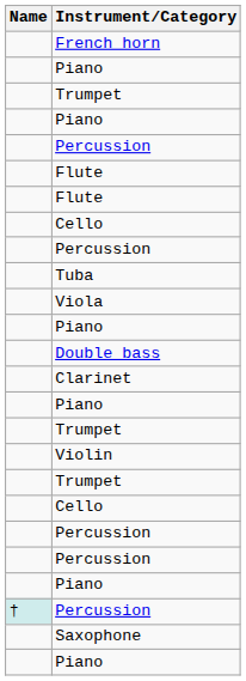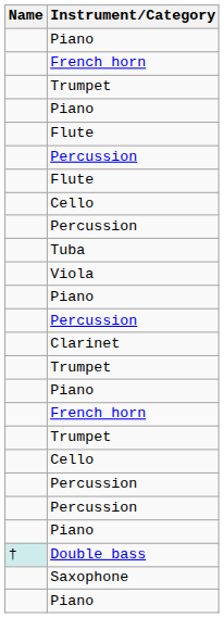 <table class="wikitable sortable" style="font-size: 95%">
 <tr>
 <th>Name</th>
 <th>Instrument/Category</th>
 </tr>
 <tr>
 <td></td>
-<td><a href='#'>French horn</a></td>
+<td>Piano</td>
 </tr>
 <tr>
 <td></td>
-<td>Piano</td>
+<td><a href='#'>French horn</a></td>
 </tr>
 <tr>
 <td><strong></strong></td>
 <td>Trumpet</td>
 </tr>
 <tr>
 <td></td>
 <td>Piano</td>
 </tr>
 <tr>
 <td><strong></strong></td>
-<td><a href='#'>Percussion</a></td>
+<td>Flute</td>
 </tr>
 <tr>
 <td></td>
-<td>Flute</td>
+<td><a href='#'>Percussion</a></td>
 </tr>
 <tr>
 <td></td>
 <td>Flute</td>
 </tr>
 <tr>
 <td></td>
 <td>Cello</td>
 </tr>
 <tr>
 <td></td>
 <td>Percussion</td>
 </tr>
 <tr>
 <td></td>
 <td>Tuba</td>
 </tr>
 <tr>
 <td></td>
 <td>Viola</td>
 </tr>
 <tr>
 <td><strong></strong></td>
 <td>Piano</td>
 </tr>
 <tr>
 <td></td>
-<td><a href='#'>Double bass</a></td>
+<td><a href='#'>Percussion</a></td>
 </tr>
 <tr>
 <td></td>
 <td>Clarinet</td>
 </tr>
 <tr>
 <td></td>
+<td>Trumpet</td>
+</tr>
+<tr>
+<td></td>
 <td>Piano</td>
 </tr>
 <tr>
 <td></td>
-<td>Trumpet</td>
-</tr>
-<tr>
-<td></td>
-<td>Violin</td>
+<td><a href='#'>French horn</a></td>
 </tr>
 <tr>
 <td></td>
 <td>Trumpet</td>
 </tr>
 <tr>
 <td><strong></strong></td>
 <td>Cello</td>
 </tr>
 <tr>
 <td></td>
 <td>Percussion</td>
 </tr>
 <tr>
 <td></td>
 <td>Percussion</td>
 </tr>
 <tr>
 <td></td>
 <td>Piano</td>
 </tr>
 <tr>
 <td bgcolor="#CFECEC"><strong></strong>†</td>
-<td><a href='#'>Percussion</a></td>
+<td><a href='#'>Double bass</a></td>
 </tr>
 <tr>
 <td></td>
 <td>Saxophone</td>
 </tr>
 <tr>
 <td></td>
 <td>Piano</td>
 </tr>
 </table>
